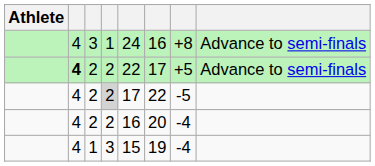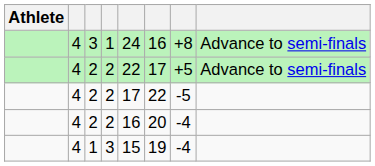 <table class=wikitable style="text-align:center">
 <tr>
 <th>Athlete</th>
 <th></th>
 <th></th>
 <th></th>
 <th></th>
 <th></th>
 <th></th>
 <th></th>
 </tr>
 <tr bgcolor=bbf3bb>
 <td style="text-align:left"></td>
 <td>4</td>
 <td>3</td>
 <td>1</td>
 <td>24</td>
 <td>16</td>
 <td>+8</td>
 <td>Advance to <a href='#'>semi-finals</a></td>
 </tr>
 <tr bgcolor=bbf3bb>
 <td style="text-align:left"></td>
-<td><strong>4</strong></td>
+<td>4</td>
 <td>2</td>
 <td>2</td>
 <td>22</td>
 <td>17</td>
 <td>+5</td>
 <td>Advance to <a href='#'>semi-finals</a></td>
 </tr>
 <tr>
 <td style="text-align:left"></td>
 <td>4</td>
 <td>2</td>
-<td style="background: lightgrey;">2</td>
+<td>2</td>
 <td>17</td>
 <td>22</td>
 <td>-5</td>
 <td></td>
 </tr>
 <tr>
 <td style="text-align:left"></td>
 <td>4</td>
 <td>2</td>
 <td>2</td>
 <td>16</td>
 <td>20</td>
 <td>-4</td>
 <td></td>
 </tr>
 <tr>
 <td style="text-align:left"></td>
 <td>4</td>
 <td>1</td>
 <td>3</td>
 <td>15</td>
 <td>19</td>
 <td>-4</td>
 <td></td>
 </tr>
 </table>
